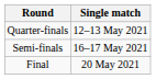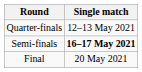 <table class="wikitable" border="1">
 <tr align="center">
 <th>Round</th>
 <th>Single match</th>
 </tr>
 <tr align="center">
 <td>Quarter-finals</td>
 <td>12–13 May 2021</td>
 </tr>
 <tr align="center">
 <td>Semi-finals</td>
-<td>16–17 May 2021</td>
+<td><strong>16–17 May 2021</strong></td>
 </tr>
 <tr align="center">
 <td>Final</td>
 <td>20 May 2021</td>
 </tr>
 </table>
